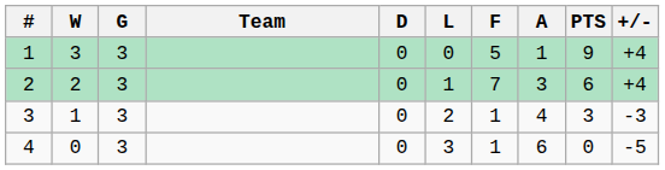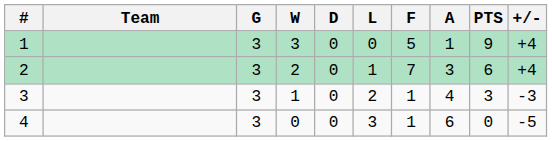 <table class="wikitable">
 <tr>
 <th width="25">#</th>
+<th width="150">Team</th>
+<th width="25">G</th>
 <th width="25">W</th>
-<th width="25">G</th>
-<th width="150">Team</th>
 <th width="25">D</th>
 <th width="25">L</th>
 <th width="25">F</th>
 <th width="25">A</th>
 <th width="25">PTS</th>
 <th width="25">+/-</th>
 </tr>
 <tr bgcolor="AFE2C4">
 <td align="center">1</td>
+<td></td>
 <td align="center">3</td>
 <td align="center">3</td>
-<td></td>
 <td align="center">0</td>
 <td align="center">0</td>
 <td align="center">5</td>
 <td align="center">1</td>
 <td align="center">9</td>
 <td align="center">+4</td>
 </tr>
 <tr bgcolor="AFE2C4">
 <td align="center">2</td>
+<td></td>
+<td align="center">3</td>
 <td align="center">2</td>
-<td align="center">3</td>
-<td></td>
 <td align="center">0</td>
 <td align="center">1</td>
 <td align="center">7</td>
 <td align="center">3</td>
 <td align="center">6</td>
 <td align="center">+4</td>
 </tr>
 <tr>
 <td align="center">3</td>
+<td></td>
+<td align="center">3</td>
 <td align="center">1</td>
-<td align="center">3</td>
-<td></td>
 <td align="center">0</td>
 <td align="center">2</td>
 <td align="center">1</td>
 <td align="center">4</td>
 <td align="center">3</td>
 <td align="center">-3</td>
 </tr>
 <tr>
 <td align="center">4</td>
+<td></td>
+<td align="center">3</td>
 <td align="center">0</td>
-<td align="center">3</td>
-<td></td>
 <td align="center">0</td>
 <td align="center">3</td>
 <td align="center">1</td>
 <td align="center">6</td>
 <td align="center">0</td>
 <td align="center">-5</td>
 </tr>
 </table>
